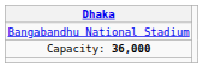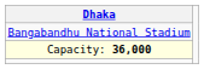 <table class="wikitable" style="text-align:center">
 <tr>
 <th><a href='#'>Dhaka</a></th>
 <td rowspan=4></td>
 </tr>
 <tr>
 <td><a href='#'>Bangabandhu National Stadium</a></td>
 </tr>
 <tr>
-<td>Capacity: <strong>36,000</strong></td>
+<td style="background: lightyellow;">Capacity: <strong>36,000</strong></td>
 </tr>
 <tr>
 <td></td>
 </tr>
 </table>
